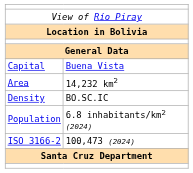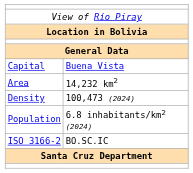 <table border=1 align=right cellpadding=3 cellspacing=0 width=270 style="margin: 0 0 1em 1em; border: 1px #aaa solid; border-collapse: collapse;">
 <tr>
 <td colspan="2" align="center" bgcolor="#ffffff"></td>
 </tr>
 <tr>
 <td colspan="2" align="center" bgcolor="#ffffff"><em>View of <a href='#'>Río Piray</a></em></td>
 </tr>
 <tr>
 <th colspan="2" bgcolor="#FFDEAD">Location in Bolivia</th>
 </tr>
 <tr>
 <td colspan="2" align="center" bgcolor="#ffffff"></td>
 </tr>
 <tr>
 <th colspan="2" bgcolor="#FFDEAD">General Data</th>
 </tr>
 <tr>
 <td><a href='#'>Capital</a></td>
 <td><a href='#'>Buena Vista</a></td>
 </tr>
 <tr>
 <td><a href='#'>Area</a></td>
 <td>14,232 km<sup>2</sup></td>
 </tr>
 <tr>
 <td><a href='#'>Density</a></td>
-<td>BO.SC.IC</td>
+<td>100,473 <em><small>(2024)</small></em></td>
 </tr>
 <tr>
 <td><a href='#'>Population</a></td>
 <td>6.8 inhabitants/km<sup>2</sup> <em><small>(2024)</small></em></td>
 </tr>
 <tr>
 <td><a href='#'>ISO 3166-2</a></td>
-<td>100,473 <em><small>(2024)</small></em></td>
+<td>BO.SC.IC</td>
 </tr>
 <tr>
 <th colspan="2" bgcolor="#FFDEAD">Santa Cruz Department</th>
 </tr>
 <tr>
 <td colspan="2" align="center" bgcolor="#ffffff"></td>
 </tr>
 </table>
